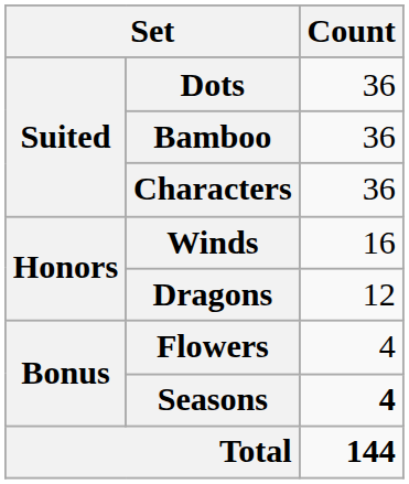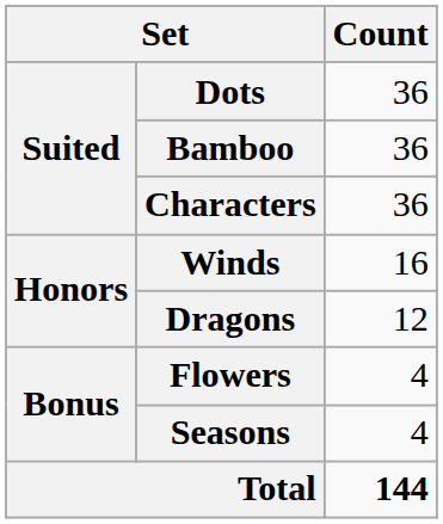 <table class="wikitable" style="text-align:right">
 <tr>
 <th colspan=2>Set</th>
 <th>Count</th>
 </tr>
 <tr>
 <th rowspan=3>Suited</th>
 <th>Dots</th>
 <td>36</td>
 </tr>
 <tr>
 <th>Bamboo</th>
 <td>36</td>
 </tr>
 <tr>
 <th>Characters</th>
 <td>36</td>
 </tr>
 <tr>
 <th rowspan=2>Honors</th>
 <th>Winds</th>
 <td>16</td>
 </tr>
 <tr>
 <th>Dragons</th>
 <td>12</td>
 </tr>
 <tr>
 <th rowspan=2>Bonus</th>
 <th>Flowers</th>
 <td>4</td>
 </tr>
 <tr>
 <th>Seasons</th>
-<td><strong>4</strong></td>
+<td>4</td>
 </tr>
 <tr>
 <th style="text-align:right" colspan=2>Total</th>
 <td><strong>144</strong></td>
 </tr>
 </table>
